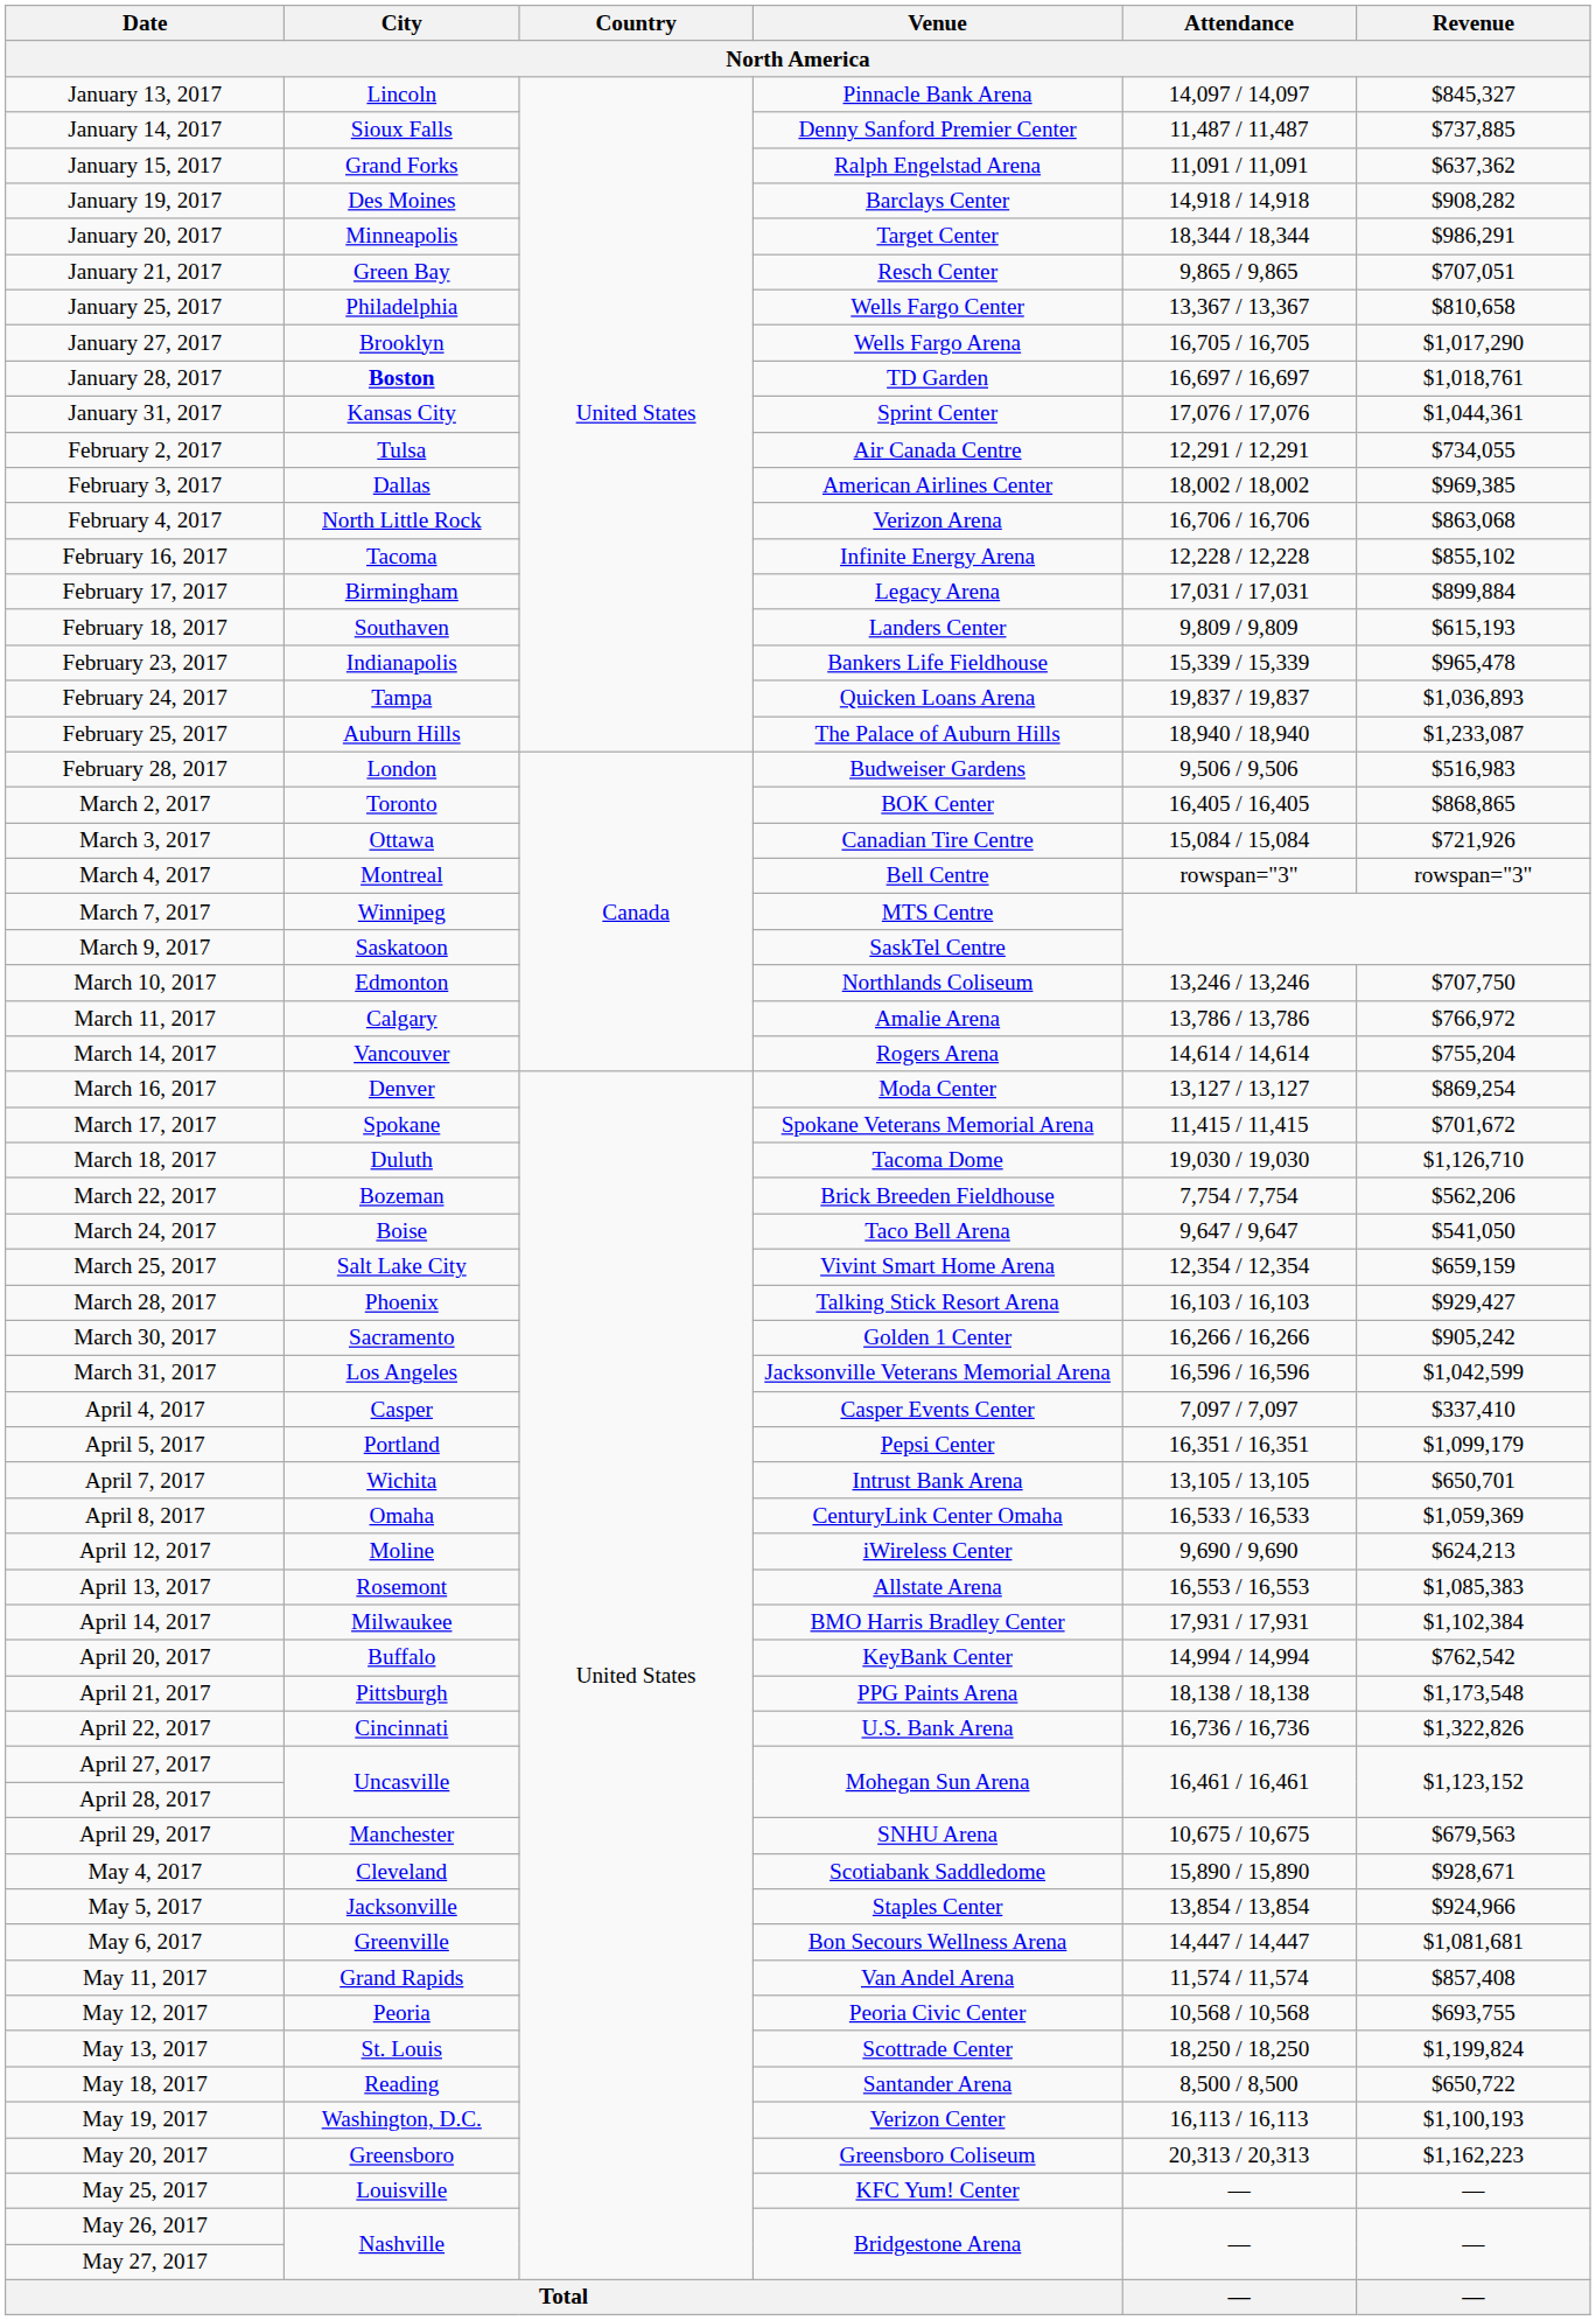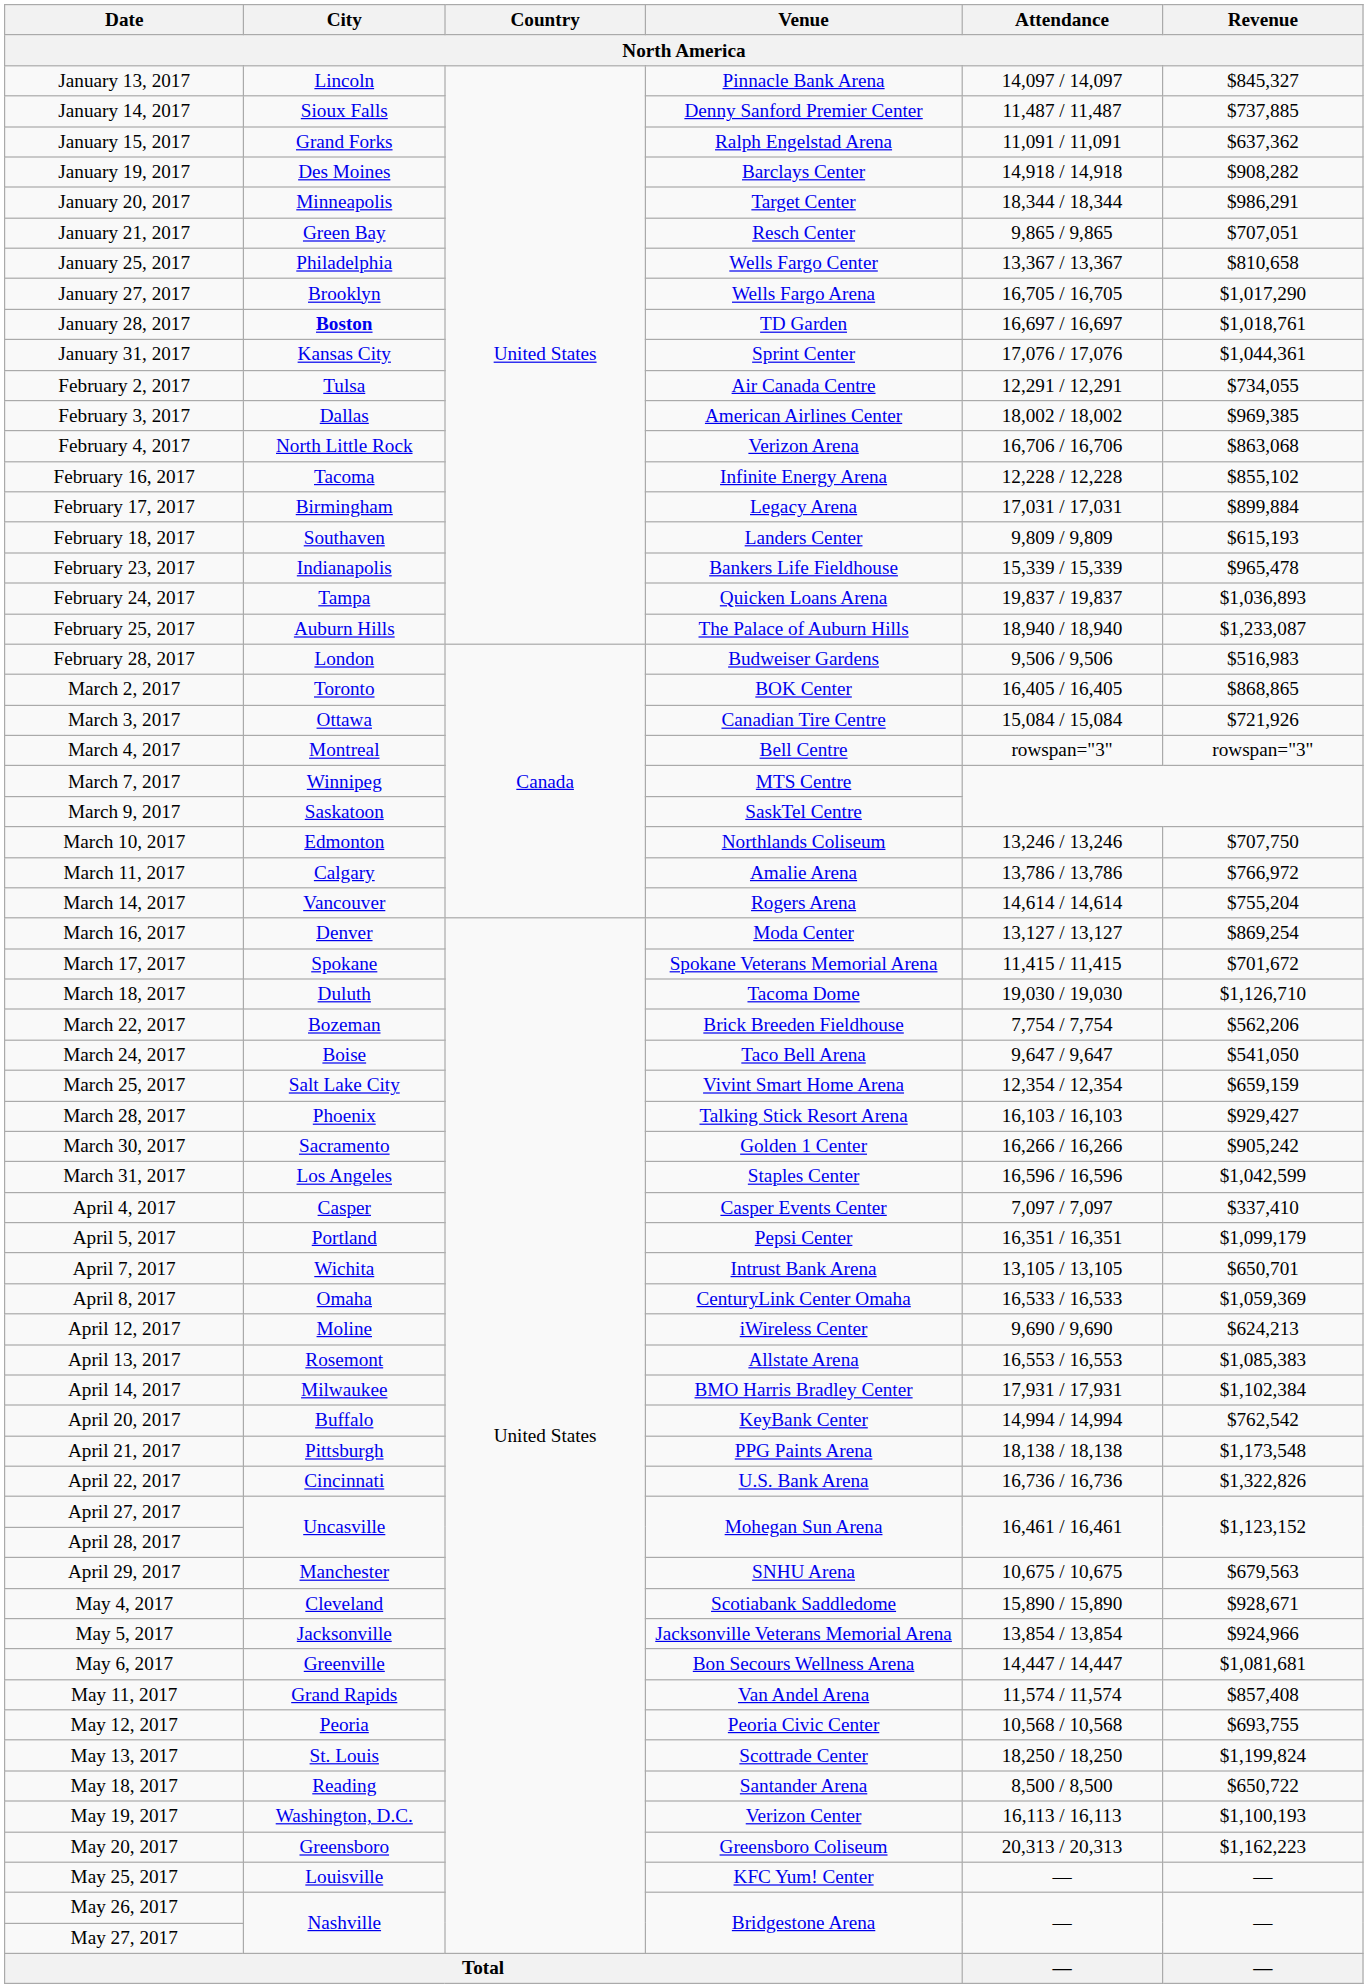 <table class="wikitable" style="text-align:center;">
 <tr>
 <th scope="col" style="width:12em;">Date</th>
 <th scope="col" style="width:10em;">City</th>
 <th scope="col" style="width:10em;">Country</th>
 <th scope="col" style="width:16em;">Venue</th>
 <th scope="col" style="width:10em;">Attendance</th>
 <th scope="col" style="width:10em;">Revenue</th>
 </tr>
 <tr>
 <th colspan="6">North America</th>
 </tr>
 <tr>
 <td>January 13, 2017</td>
 <td><a href='#'>Lincoln</a></td>
 <td rowspan="19"><a href='#'>United States</a></td>
 <td><a href='#'>Pinnacle Bank Arena</a></td>
 <td>14,097 / 14,097</td>
 <td>$845,327</td>
 </tr>
 <tr>
 <td>January 14, 2017</td>
 <td><a href='#'>Sioux Falls</a></td>
 <td><a href='#'>Denny Sanford Premier Center</a></td>
 <td>11,487 / 11,487</td>
 <td>$737,885</td>
 </tr>
 <tr>
 <td>January 15, 2017</td>
 <td><a href='#'>Grand Forks</a></td>
 <td><a href='#'>Ralph Engelstad Arena</a></td>
 <td>11,091 / 11,091</td>
 <td>$637,362</td>
 </tr>
 <tr>
 <td>January 19, 2017</td>
 <td><a href='#'>Des Moines</a></td>
 <td><a href='#'>Barclays Center</a></td>
 <td>14,918 / 14,918</td>
 <td>$908,282</td>
 </tr>
 <tr>
 <td>January 20, 2017</td>
 <td><a href='#'>Minneapolis</a></td>
 <td><a href='#'>Target Center</a></td>
 <td>18,344 / 18,344</td>
 <td>$986,291</td>
 </tr>
 <tr>
 <td>January 21, 2017</td>
 <td><a href='#'>Green Bay</a></td>
 <td><a href='#'>Resch Center</a></td>
 <td>9,865 / 9,865</td>
 <td>$707,051</td>
 </tr>
 <tr>
 <td>January 25, 2017</td>
 <td><a href='#'>Philadelphia</a></td>
 <td><a href='#'>Wells Fargo Center</a></td>
 <td>13,367 / 13,367</td>
 <td>$810,658</td>
 </tr>
 <tr>
 <td>January 27, 2017</td>
 <td><a href='#'>Brooklyn</a></td>
 <td><a href='#'>Wells Fargo Arena</a></td>
 <td>16,705 / 16,705</td>
 <td>$1,017,290</td>
 </tr>
 <tr>
 <td>January 28, 2017</td>
 <td><strong><a href='#'>Boston</a></strong></td>
 <td><a href='#'>TD Garden</a></td>
 <td>16,697 / 16,697</td>
 <td>$1,018,761</td>
 </tr>
 <tr>
 <td>January 31, 2017</td>
 <td><a href='#'>Kansas City</a></td>
 <td><a href='#'>Sprint Center</a></td>
 <td>17,076 / 17,076</td>
 <td>$1,044,361</td>
 </tr>
 <tr>
 <td>February 2, 2017</td>
 <td><a href='#'>Tulsa</a></td>
 <td><a href='#'>Air Canada Centre</a></td>
 <td>12,291 / 12,291</td>
 <td>$734,055</td>
 </tr>
 <tr>
 <td>February 3, 2017</td>
 <td><a href='#'>Dallas</a></td>
 <td><a href='#'>American Airlines Center</a></td>
 <td>18,002 / 18,002</td>
 <td>$969,385</td>
 </tr>
 <tr>
 <td>February 4, 2017</td>
 <td><a href='#'>North Little Rock</a></td>
 <td><a href='#'>Verizon Arena</a></td>
 <td>16,706 / 16,706</td>
 <td>$863,068</td>
 </tr>
 <tr>
 <td>February 16, 2017</td>
 <td><a href='#'>Tacoma</a></td>
 <td><a href='#'>Infinite Energy Arena</a></td>
 <td>12,228 / 12,228</td>
 <td>$855,102</td>
 </tr>
 <tr>
 <td>February 17, 2017</td>
 <td><a href='#'>Birmingham</a></td>
 <td><a href='#'>Legacy Arena</a></td>
 <td>17,031 / 17,031</td>
 <td>$899,884</td>
 </tr>
 <tr>
 <td>February 18, 2017</td>
 <td><a href='#'>Southaven</a></td>
 <td><a href='#'>Landers Center</a></td>
 <td>9,809 / 9,809</td>
 <td>$615,193</td>
 </tr>
 <tr>
 <td>February 23, 2017</td>
 <td><a href='#'>Indianapolis</a></td>
 <td><a href='#'>Bankers Life Fieldhouse</a></td>
 <td>15,339 / 15,339</td>
 <td>$965,478</td>
 </tr>
 <tr>
 <td>February 24, 2017</td>
 <td><a href='#'>Tampa</a></td>
 <td><a href='#'>Quicken Loans Arena</a></td>
 <td>19,837 / 19,837</td>
 <td>$1,036,893</td>
 </tr>
 <tr>
 <td>February 25, 2017</td>
 <td><a href='#'>Auburn Hills</a></td>
 <td><a href='#'>The Palace of Auburn Hills</a></td>
 <td>18,940 / 18,940</td>
 <td>$1,233,087</td>
 </tr>
 <tr>
 <td>February 28, 2017</td>
 <td><a href='#'>London</a></td>
 <td rowspan="9"><a href='#'>Canada</a></td>
 <td><a href='#'>Budweiser Gardens</a></td>
 <td>9,506 / 9,506</td>
 <td>$516,983</td>
 </tr>
 <tr>
 <td>March 2, 2017</td>
 <td><a href='#'>Toronto</a></td>
 <td><a href='#'>BOK Center</a></td>
 <td>16,405 / 16,405</td>
 <td>$868,865</td>
 </tr>
 <tr>
 <td>March 3, 2017</td>
 <td><a href='#'>Ottawa</a></td>
 <td><a href='#'>Canadian Tire Centre</a></td>
 <td>15,084 / 15,084</td>
 <td>$721,926</td>
 </tr>
 <tr>
 <td>March 4, 2017</td>
 <td><a href='#'>Montreal</a></td>
 <td><a href='#'>Bell Centre</a></td>
 <td>rowspan="3" </td>
 <td>rowspan="3" </td>
 </tr>
 <tr>
 <td>March 7, 2017</td>
 <td><a href='#'>Winnipeg</a></td>
 <td><a href='#'>MTS Centre</a></td>
 </tr>
 <tr>
 <td>March 9, 2017</td>
 <td><a href='#'>Saskatoon</a></td>
 <td><a href='#'>SaskTel Centre</a></td>
 </tr>
 <tr>
 <td>March 10, 2017</td>
 <td><a href='#'>Edmonton</a></td>
 <td><a href='#'>Northlands Coliseum</a></td>
 <td>13,246 / 13,246</td>
 <td>$707,750</td>
 </tr>
 <tr>
 <td>March 11, 2017</td>
 <td><a href='#'>Calgary</a></td>
 <td><a href='#'>Amalie Arena</a></td>
 <td>13,786 / 13,786</td>
 <td>$766,972</td>
 </tr>
 <tr>
 <td>March 14, 2017</td>
 <td><a href='#'>Vancouver</a></td>
 <td><a href='#'>Rogers Arena</a></td>
 <td>14,614 / 14,614</td>
 <td>$755,204</td>
 </tr>
 <tr>
 <td>March 16, 2017</td>
 <td><a href='#'>Denver</a></td>
 <td rowspan="34">United States</td>
 <td><a href='#'>Moda Center</a></td>
 <td>13,127 / 13,127</td>
 <td>$869,254</td>
 </tr>
 <tr>
 <td>March 17, 2017</td>
 <td><a href='#'>Spokane</a></td>
 <td><a href='#'>Spokane Veterans Memorial Arena</a></td>
 <td>11,415 / 11,415</td>
 <td>$701,672</td>
 </tr>
 <tr>
 <td>March 18, 2017</td>
 <td><a href='#'>Duluth</a></td>
 <td><a href='#'>Tacoma Dome</a></td>
 <td>19,030 / 19,030</td>
 <td>$1,126,710</td>
 </tr>
 <tr>
 <td>March 22, 2017</td>
 <td><a href='#'>Bozeman</a></td>
 <td><a href='#'>Brick Breeden Fieldhouse</a></td>
 <td>7,754 / 7,754</td>
 <td>$562,206</td>
 </tr>
 <tr>
 <td>March 24, 2017</td>
 <td><a href='#'>Boise</a></td>
 <td><a href='#'>Taco Bell Arena</a></td>
 <td>9,647 / 9,647</td>
 <td>$541,050</td>
 </tr>
 <tr>
 <td>March 25, 2017</td>
 <td><a href='#'>Salt Lake City</a></td>
 <td><a href='#'>Vivint Smart Home Arena</a></td>
 <td>12,354 / 12,354</td>
 <td>$659,159</td>
 </tr>
 <tr>
 <td>March 28, 2017</td>
 <td><a href='#'>Phoenix</a></td>
 <td><a href='#'>Talking Stick Resort Arena</a></td>
 <td>16,103 / 16,103</td>
 <td>$929,427</td>
 </tr>
 <tr>
 <td>March 30, 2017</td>
 <td><a href='#'>Sacramento</a></td>
 <td><a href='#'>Golden 1 Center</a></td>
 <td>16,266 / 16,266</td>
 <td>$905,242</td>
 </tr>
 <tr>
 <td>March 31, 2017</td>
 <td><a href='#'>Los Angeles</a></td>
-<td><a href='#'>Jacksonville Veterans Memorial Arena</a></td>
+<td><a href='#'>Staples Center</a></td>
 <td>16,596 / 16,596</td>
 <td>$1,042,599</td>
 </tr>
 <tr>
 <td>April 4, 2017</td>
 <td><a href='#'>Casper</a></td>
 <td><a href='#'>Casper Events Center</a></td>
 <td>7,097 / 7,097</td>
 <td>$337,410</td>
 </tr>
 <tr>
 <td>April 5, 2017</td>
 <td><a href='#'>Portland</a></td>
 <td><a href='#'>Pepsi Center</a></td>
 <td>16,351 / 16,351</td>
 <td>$1,099,179</td>
 </tr>
 <tr>
 <td>April 7, 2017</td>
 <td><a href='#'>Wichita</a></td>
 <td><a href='#'>Intrust Bank Arena</a></td>
 <td>13,105 / 13,105</td>
 <td>$650,701</td>
 </tr>
 <tr>
 <td>April 8, 2017</td>
 <td><a href='#'>Omaha</a></td>
 <td><a href='#'>CenturyLink Center Omaha</a></td>
 <td>16,533 / 16,533</td>
 <td>$1,059,369</td>
 </tr>
 <tr>
 <td>April 12, 2017</td>
 <td><a href='#'>Moline</a></td>
 <td><a href='#'>iWireless Center</a></td>
 <td>9,690 / 9,690</td>
 <td>$624,213</td>
 </tr>
 <tr>
 <td>April 13, 2017</td>
 <td><a href='#'>Rosemont</a></td>
 <td><a href='#'>Allstate Arena</a></td>
 <td>16,553 / 16,553</td>
 <td>$1,085,383</td>
 </tr>
 <tr>
 <td>April 14, 2017</td>
 <td><a href='#'>Milwaukee</a></td>
 <td><a href='#'>BMO Harris Bradley Center</a></td>
 <td>17,931 / 17,931</td>
 <td>$1,102,384</td>
 </tr>
 <tr>
 <td>April 20, 2017</td>
 <td><a href='#'>Buffalo</a></td>
 <td><a href='#'>KeyBank Center</a></td>
 <td>14,994 / 14,994</td>
 <td>$762,542</td>
 </tr>
 <tr>
 <td>April 21, 2017</td>
 <td><a href='#'>Pittsburgh</a></td>
 <td><a href='#'>PPG Paints Arena</a></td>
 <td>18,138 / 18,138</td>
 <td>$1,173,548</td>
 </tr>
 <tr>
 <td>April 22, 2017</td>
 <td><a href='#'>Cincinnati</a></td>
 <td><a href='#'>U.S. Bank Arena</a></td>
 <td>16,736 / 16,736</td>
 <td>$1,322,826</td>
 </tr>
 <tr>
 <td>April 27, 2017</td>
 <td rowspan="2"><a href='#'>Uncasville</a></td>
 <td rowspan="2"><a href='#'>Mohegan Sun Arena</a></td>
 <td rowspan="2">16,461 / 16,461</td>
 <td rowspan="2">$1,123,152</td>
 </tr>
 <tr>
 <td>April 28, 2017</td>
 </tr>
 <tr>
 <td>April 29, 2017</td>
 <td><a href='#'>Manchester</a></td>
 <td><a href='#'>SNHU Arena</a></td>
 <td>10,675 / 10,675</td>
 <td>$679,563</td>
 </tr>
 <tr>
 <td>May 4, 2017</td>
 <td><a href='#'>Cleveland</a></td>
 <td><a href='#'>Scotiabank Saddledome</a></td>
 <td>15,890 / 15,890</td>
 <td>$928,671</td>
 </tr>
 <tr>
 <td>May 5, 2017</td>
 <td><a href='#'>Jacksonville</a></td>
-<td><a href='#'>Staples Center</a></td>
+<td><a href='#'>Jacksonville Veterans Memorial Arena</a></td>
 <td>13,854 / 13,854</td>
 <td>$924,966</td>
 </tr>
 <tr>
 <td>May 6, 2017</td>
 <td><a href='#'>Greenville</a></td>
 <td><a href='#'>Bon Secours Wellness Arena</a></td>
 <td>14,447 / 14,447</td>
 <td>$1,081,681</td>
 </tr>
 <tr>
 <td>May 11, 2017</td>
 <td><a href='#'>Grand Rapids</a></td>
 <td><a href='#'>Van Andel Arena</a></td>
 <td>11,574 / 11,574</td>
 <td>$857,408</td>
 </tr>
 <tr>
 <td>May 12, 2017</td>
 <td><a href='#'>Peoria</a></td>
 <td><a href='#'>Peoria Civic Center</a></td>
 <td>10,568 / 10,568</td>
 <td>$693,755</td>
 </tr>
 <tr>
 <td>May 13, 2017</td>
 <td><a href='#'>St. Louis</a></td>
 <td><a href='#'>Scottrade Center</a></td>
 <td>18,250 / 18,250</td>
 <td>$1,199,824</td>
 </tr>
 <tr>
 <td>May 18, 2017</td>
 <td><a href='#'>Reading</a></td>
 <td><a href='#'>Santander Arena</a></td>
 <td>8,500 / 8,500</td>
 <td>$650,722</td>
 </tr>
 <tr>
 <td>May 19, 2017</td>
 <td><a href='#'>Washington, D.C.</a></td>
 <td><a href='#'>Verizon Center</a></td>
 <td>16,113 / 16,113</td>
 <td>$1,100,193</td>
 </tr>
 <tr>
 <td>May 20, 2017</td>
 <td><a href='#'>Greensboro</a></td>
 <td><a href='#'>Greensboro Coliseum</a></td>
 <td>20,313 / 20,313</td>
 <td>$1,162,223</td>
 </tr>
 <tr>
 <td>May 25, 2017</td>
 <td><a href='#'>Louisville</a></td>
 <td><a href='#'>KFC Yum! Center</a></td>
 <td>—</td>
 <td>—</td>
 </tr>
 <tr>
 <td>May 26, 2017</td>
 <td rowspan="2"><a href='#'>Nashville</a></td>
 <td rowspan="2"><a href='#'>Bridgestone Arena</a></td>
 <td rowspan="2">—</td>
 <td rowspan="2">—</td>
 </tr>
 <tr>
 <td>May 27, 2017</td>
 </tr>
 <tr>
 <th colspan="4">Total</th>
 <th>—</th>
 <th>—</th>
 </tr>
 </table>
